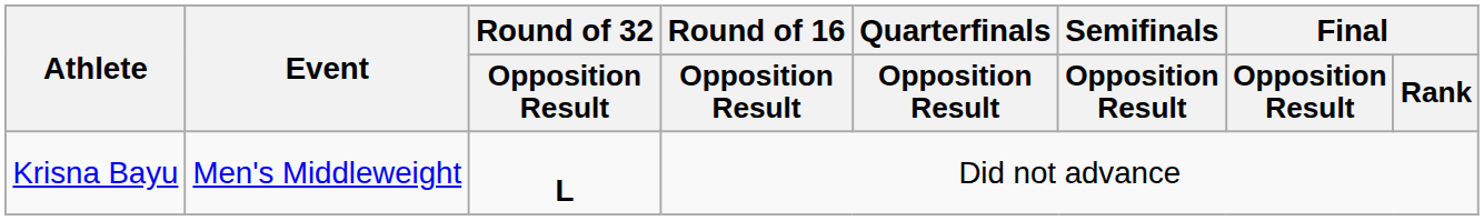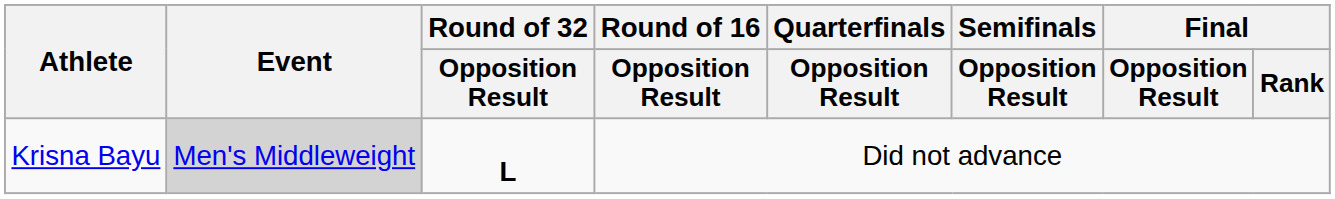 <table class="wikitable" style="font-size:90%">
 <tr>
 <th rowspan="2">Athlete</th>
 <th rowspan="2">Event</th>
 <th>Round of 32</th>
 <th>Round of 16</th>
 <th>Quarterfinals</th>
 <th>Semifinals</th>
 <th colspan=2>Final</th>
 </tr>
 <tr style="font-size:95%">
 <th>Opposition<br>Result</th>
 <th>Opposition<br>Result</th>
 <th>Opposition<br>Result</th>
 <th>Opposition<br>Result</th>
 <th>Opposition<br>Result</th>
 <th>Rank</th>
 </tr>
 <tr align=center>
 <td align=left><a href='#'>Krisna Bayu</a></td>
-<td align=left><a href='#'>Men's Middleweight</a></td>
+<td align=left style="background: lightgrey;"><a href='#'>Men's Middleweight</a></td>
 <td><br><strong>L</strong></td>
 <td colspan=5>Did not advance</td>
 </tr>
 </table>
